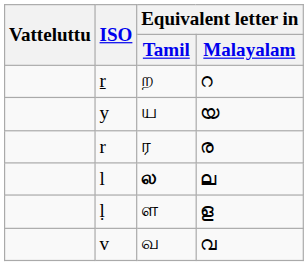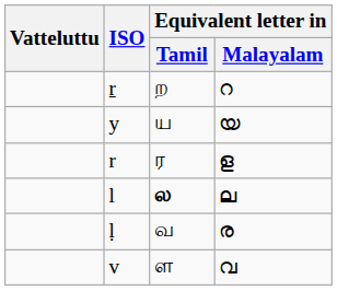 <table class="wikitable" style="display: inline-table;">
 <tr>
 <th rowspan="2">Vatteluttu</th>
 <th rowspan="2"><a href='#'>ISO</a></th>
 <th colspan="2">Equivalent letter in</th>
 </tr>
 <tr>
 <th><a href='#'>Tamil</a></th>
 <th><a href='#'>Malayalam</a></th>
 </tr>
 <tr>
 <td></td>
 <td>ṟ</td>
 <td>ற</td>
 <td>റ</td>
 </tr>
 <tr>
 <td></td>
 <td>y</td>
 <td>ய</td>
 <td>യ</td>
 </tr>
 <tr>
 <td></td>
 <td>r</td>
 <td>ர</td>
-<td>ര</td>
+<td>ള</td>
 </tr>
 <tr>
 <td></td>
 <td>l</td>
 <td><strong>ல</strong></td>
 <td>ല</td>
 </tr>
 <tr>
 <td></td>
 <td>ḷ</td>
-<td>ள</td>
-<td>ള</td>
+<td>வ</td>
+<td>ര</td>
 </tr>
 <tr>
 <td></td>
 <td>v</td>
-<td>வ</td>
+<td>ள</td>
 <td>വ</td>
 </tr>
 </table>
